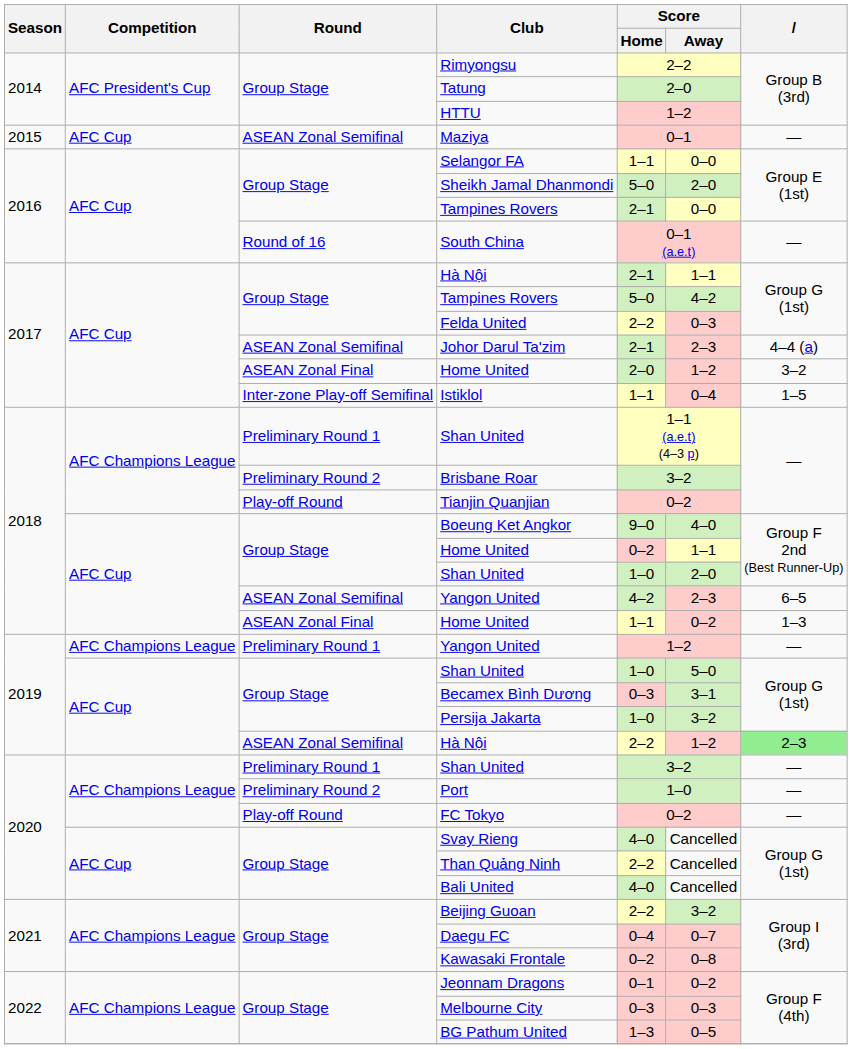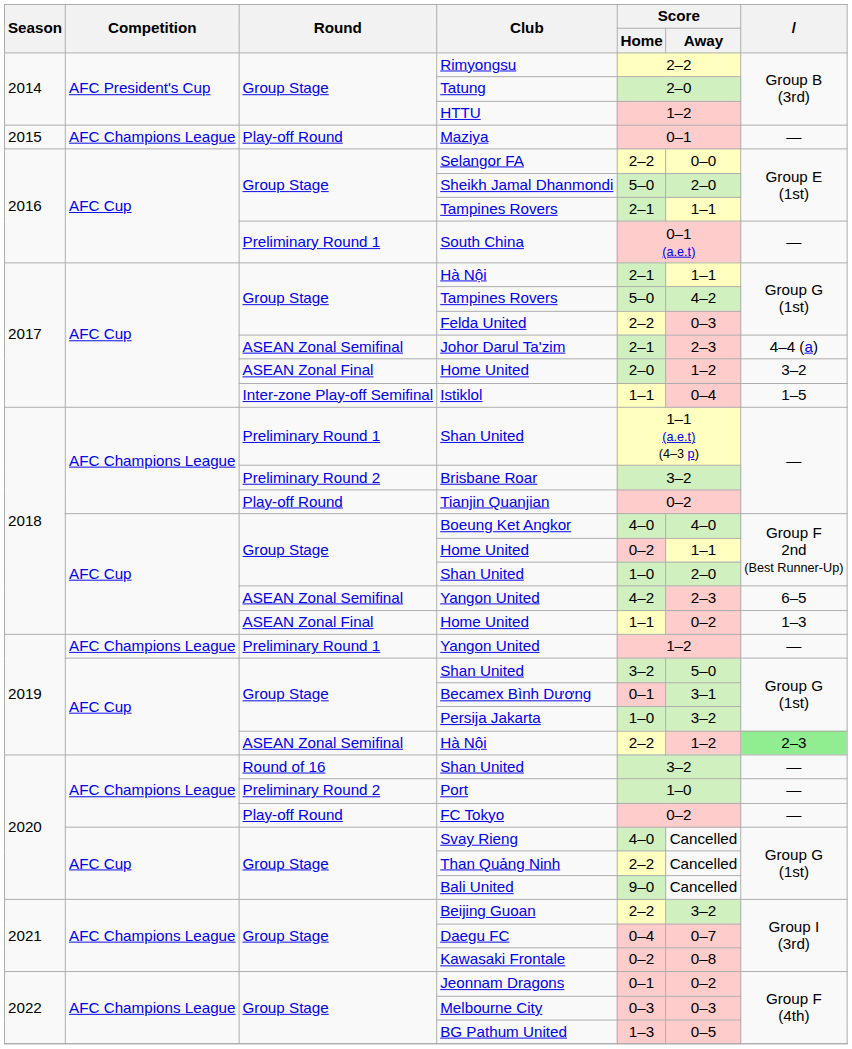 <table class="wikitable">
 <tr>
 <th rowspan=2>Season</th>
 <th rowspan=2>Competition</th>
 <th rowspan=2>Round</th>
 <th rowspan=2>Club</th>
 <th colspan="2">Score</th>
 <th rowspan=2> / </th>
 </tr>
 <tr>
 <th>Home</th>
 <th>Away</th>
 </tr>
 <tr>
 <td rowspan=3>2014</td>
 <td rowspan=3><a href='#'>AFC President's Cup</a></td>
 <td rowspan=3><a href='#'>Group Stage</a></td>
 <td> <a href='#'>Rimyongsu</a></td>
 <td colspan=2; bgcolor=#FFFFBF style="text-align:center;">2–2</td>
 <td rowspan="3" style="text-align:center;">Group B<br>(3rd)</td>
 </tr>
 <tr>
 <td> <a href='#'>Tatung</a></td>
 <td colspan=2; bgcolor=#D0F0C0 style="text-align:center;">2–0</td>
 </tr>
 <tr>
 <td> <a href='#'>HTTU</a></td>
 <td colspan=2; bgcolor=#FFCCCC style="text-align:center;">1–2</td>
 </tr>
 <tr>
 <td rowspan=1>2015</td>
-<td rowspan=1><a href='#'>AFC Cup</a></td>
-<td rowspan=1><a href='#'>ASEAN Zonal Semifinal</a></td>
+<td><a href='#'>AFC Champions League</a></td>
+<td rowspan=1><a href='#'>Play-off Round</a></td>
 <td> <a href='#'>Maziya</a></td>
 <td colspan=2; bgcolor=#FFCCCC style="text-align:center;">0–1</td>
 <td style="text-align:center;">—</td>
 </tr>
 <tr>
 <td rowspan=4>2016</td>
 <td rowspan=4><a href='#'>AFC Cup</a></td>
 <td rowspan=3><a href='#'>Group Stage</a></td>
 <td> <a href='#'>Selangor FA</a></td>
-<td style="text-align:center;" bgcolor=#FFFFBF>1–1</td>
+<td bgcolor=#FFFFBF style="text-align:center;">2–2</td>
 <td bgcolor=#FFFFBF style="text-align:center;">0–0</td>
 <td rowspan=3; style="text-align:center;">Group E<br>(1st)</td>
 </tr>
 <tr>
 <td> <a href='#'>Sheikh Jamal Dhanmondi</a></td>
 <td bgcolor=#D0F0C0 style="text-align:center;">5–0</td>
 <td bgcolor=#D0F0C0 style="text-align:center;">2–0</td>
 </tr>
 <tr>
 <td> <a href='#'>Tampines Rovers</a></td>
 <td bgcolor=#D0F0C0 style="text-align:center;">2–1</td>
-<td bgcolor=#FFFFBF style="text-align:center;">0–0</td>
+<td bgcolor=#FFFFBF style="text-align:center;">1–1</td>
 </tr>
 <tr>
-<td rowspan=1><a href='#'>Round of 16</a></td>
+<td rowspan=1><a href='#'>Preliminary Round 1</a></td>
 <td> <a href='#'>South China</a></td>
 <td colspan=2; bgcolor=#FFCCCC style="text-align:center;">0–1<br><small><a href='#'>(a.e.t)</a></small></td>
 <td colspan=2; style="text-align:center;">—</td>
 </tr>
 <tr>
 <td rowspan=6>2017</td>
 <td rowspan=6><a href='#'>AFC Cup</a></td>
 <td rowspan=3><a href='#'>Group Stage</a></td>
 <td> <a href='#'>Hà Nội</a></td>
 <td bgcolor=#D0F0C0 style="text-align:center;">2–1</td>
 <td bgcolor=#FFFFBF style="text-align:center;">1–1</td>
 <td rowspan=3; style="text-align:center;">Group G<br>(1st)</td>
 </tr>
 <tr>
 <td> <a href='#'>Tampines Rovers</a></td>
 <td bgcolor=#D0F0C0 style="text-align:center;">5–0</td>
 <td bgcolor=#D0F0C0 style="text-align:center;">4–2</td>
 </tr>
 <tr>
 <td> <a href='#'>Felda United</a></td>
 <td bgcolor=#FFFFBF style="text-align:center;">2–2</td>
 <td bgcolor=#FFCCCC style="text-align:center;">0–3</td>
 </tr>
 <tr>
 <td rowspan=1><a href='#'>ASEAN Zonal Semifinal</a></td>
 <td> <a href='#'>Johor Darul Ta'zim</a></td>
 <td bgcolor=#D0F0C0 style="text-align:center;">2–1</td>
 <td bgcolor=#FFCCCC style="text-align:center;">2–3</td>
 <td style="text-align:center;">4–4 (<a href='#'>a</a>)</td>
 </tr>
 <tr>
 <td rowspan=1><a href='#'>ASEAN Zonal Final</a></td>
 <td> <a href='#'>Home United</a></td>
 <td bgcolor=#D0F0C0 style="text-align:center;">2–0</td>
 <td bgcolor=#FFCCCC style="text-align:center;">1–2</td>
 <td style="text-align:center;">3–2</td>
 </tr>
 <tr>
 <td rowspan=1><a href='#'>Inter-zone Play-off Semifinal</a></td>
 <td> <a href='#'>Istiklol</a></td>
 <td bgcolor=#FFFFBF style="text-align:center;">1–1</td>
 <td bgcolor=#FFCCCC style="text-align:center;">0–4</td>
 <td style="text-align:center;">1–5</td>
 </tr>
 <tr>
 <td rowspan="8">2018</td>
 <td rowspan="3"><a href='#'>AFC Champions League</a></td>
 <td rowspan="1"><a href='#'>Preliminary Round 1</a></td>
 <td> <a href='#'>Shan United</a></td>
 <td colspan=2; bgcolor=#FFFFBF style="text-align:center;">1–1<br><small><a href='#'>(a.e.t)</a><br>(4–3 <a href='#'>p</a>)</small></td>
 <td rowspan=3; colspan=2; style="text-align:center;">—</td>
 </tr>
 <tr>
 <td rowspan="1"><a href='#'>Preliminary Round 2</a></td>
 <td> <a href='#'>Brisbane Roar</a></td>
 <td colspan=2; bgcolor=#D0F0C0 style="text-align:center;">3–2</td>
 </tr>
 <tr>
 <td rowspan="1"><a href='#'>Play-off Round</a></td>
 <td> <a href='#'>Tianjin Quanjian</a></td>
 <td colspan=2; bgcolor=#FFCCCC style="text-align:center;">0–2</td>
 </tr>
 <tr>
 <td rowspan=5><a href='#'>AFC Cup</a></td>
 <td rowspan=3><a href='#'>Group Stage</a></td>
 <td> <a href='#'>Boeung Ket Angkor</a></td>
-<td bgcolor=#D0F0C0 style="text-align:center;">9–0</td>
+<td style="text-align:center;" bgcolor=#D0F0C0>4–0</td>
 <td bgcolor=#D0F0C0 style="text-align:center;">4–0</td>
 <td rowspan=3; style="text-align:center;">Group F<br>2nd<br><small>(Best Runner-Up)</small></td>
 </tr>
 <tr>
 <td> <a href='#'>Home United</a></td>
 <td style="text-align:center;" bgcolor=#FFCCCC>0–2</td>
 <td style="text-align:center;" bgcolor=#FFFFBF>1–1</td>
 </tr>
 <tr>
 <td> <a href='#'>Shan United</a></td>
 <td bgcolor=#D0F0C0 style="text-align:center;">1–0</td>
 <td bgcolor=#D0F0C0 style="text-align:center;">2–0</td>
 </tr>
 <tr>
 <td rowspan=1><a href='#'>ASEAN Zonal Semifinal</a></td>
 <td> <a href='#'>Yangon United</a></td>
 <td bgcolor=#D0F0C0 style="text-align:center;">4–2</td>
 <td bgcolor=#FFCCCC style="text-align:center;">2–3</td>
 <td style="text-align:center;">6–5</td>
 </tr>
 <tr>
 <td rowspan=1><a href='#'>ASEAN Zonal Final</a></td>
 <td> <a href='#'>Home United</a></td>
 <td style="text-align:center;" bgcolor=#FFFFBF>1–1</td>
 <td style="text-align:center;" bgcolor=#FFCCCC>0–2</td>
 <td style="text-align:center;">1–3</td>
 </tr>
 <tr>
 <td rowspan="5">2019</td>
 <td><a href='#'>AFC Champions League</a></td>
 <td><a href='#'>Preliminary Round 1</a></td>
 <td> <a href='#'>Yangon United</a></td>
 <td colspan="2" style="text-align:center;" bgcolor=#FFCCCC>1–2</td>
 <td style="text-align:center;">—</td>
 </tr>
 <tr>
 <td rowspan="4"><a href='#'>AFC Cup</a></td>
 <td rowspan="3"><a href='#'>Group Stage</a></td>
 <td> <a href='#'>Shan United</a></td>
-<td style="text-align:center;" bgcolor=#D0F0C0>1–0</td>
+<td style="text-align:center;" bgcolor=#D0F0C0>3–2</td>
 <td style="text-align:center;" bgcolor=#D0F0C0>5–0</td>
 <td rowspan="3" style="text-align:center;">Group G<br>(1st)</td>
 </tr>
 <tr>
 <td> <a href='#'>Becamex Bình Dương</a></td>
-<td style="text-align:center;" bgcolor=#FFCCCC>0–3</td>
+<td style="text-align:center;" bgcolor=#FFCCCC>0–1</td>
 <td style="text-align:center;" bgcolor=#D0F0C0>3–1</td>
 </tr>
 <tr>
 <td> <a href='#'>Persija Jakarta</a></td>
 <td style="text-align:center;" bgcolor=#D0F0C0>1–0</td>
 <td style="text-align:center;" bgcolor=#D0F0C0>3–2</td>
 </tr>
 <tr>
 <td rowspan=1><a href='#'>ASEAN Zonal Semifinal</a></td>
 <td> <a href='#'>Hà Nội</a></td>
 <td style="text-align:center;" bgcolor=#FFFFBF>2–2</td>
 <td style="text-align:center;"bgcolor=#FFCCCC>1–2</td>
 <td style="background: lightgreen; text-align:center;">2–3</td>
 </tr>
 <tr>
 <td rowspan="6">2020</td>
 <td rowspan="3"><a href='#'>AFC Champions League</a></td>
-<td rowspan=1><a href='#'>Preliminary Round 1</a></td>
+<td rowspan=1><a href='#'>Round of 16</a></td>
 <td> <a href='#'>Shan United</a></td>
 <td colspan="2" style="text-align:center;" bgcolor=#D0F0C0>3–2</td>
 <td style="text-align:center;">—</td>
 </tr>
 <tr>
 <td rowspan=1><a href='#'>Preliminary Round 2</a></td>
 <td> <a href='#'>Port</a></td>
 <td colspan="2" style="text-align:center;" bgcolor=#D0F0C0>1–0</td>
 <td style="text-align:center;">—</td>
 </tr>
 <tr>
 <td rowspan=1><a href='#'>Play-off Round</a></td>
 <td> <a href='#'>FC Tokyo</a></td>
 <td colspan="2" style="text-align:center;" bgcolor=#FFCCCC>0–2</td>
 <td style="text-align:center;">—</td>
 </tr>
 <tr>
 <td rowspan="3"><a href='#'>AFC Cup</a></td>
 <td rowspan="3"><a href='#'>Group Stage</a></td>
 <td> <a href='#'>Svay Rieng</a></td>
 <td style="text-align:center;" bgcolor=#D0F0C0>4–0</td>
 <td style="text-align:center;">Cancelled</td>
 <td rowspan="3" style="text-align:center;">Group G<br>(1st)</td>
 </tr>
 <tr>
 <td> <a href='#'>Than Quảng Ninh</a></td>
 <td style="text-align:center;" bgcolor=#FFFFBF>2–2</td>
 <td style="text-align:center;">Cancelled</td>
 </tr>
 <tr>
 <td> <a href='#'>Bali United</a></td>
-<td style="text-align:center;" bgcolor=#D0F0C0>4–0</td>
+<td bgcolor=#D0F0C0 style="text-align:center;">9–0</td>
 <td style="text-align:center;">Cancelled</td>
 </tr>
 <tr>
 <td rowspan="3">2021</td>
 <td rowspan="3"><a href='#'>AFC Champions League</a></td>
 <td rowspan="3"><a href='#'>Group Stage</a></td>
 <td> <a href='#'>Beijing Guoan</a></td>
 <td bgcolor=#FFFFBF style="text-align:center;">2–2</td>
 <td style="text-align:center;" bgcolor=#D0F0C0>3–2</td>
 <td rowspan="3"; style="text-align:center;">Group I<br>(3rd)</td>
 </tr>
 <tr>
 <td> <a href='#'>Daegu FC</a></td>
 <td style="text-align:center;" bgcolor=#FFCCCC>0–4</td>
 <td style="text-align:center;"bgcolor=#FFCCCC>0–7</td>
 </tr>
 <tr>
 <td> <a href='#'>Kawasaki Frontale</a></td>
 <td style="text-align:center;" bgcolor=#FFCCCC>0–2</td>
 <td style="text-align:center;"bgcolor=#FFCCCC>0–8</td>
 </tr>
 <tr>
 <td rowspan="3">2022</td>
 <td rowspan="3"><a href='#'>AFC Champions League</a></td>
 <td rowspan="3"><a href='#'>Group Stage</a></td>
 <td> <a href='#'>Jeonnam Dragons</a></td>
 <td style="text-align:center;" bgcolor=#FFCCCC>0–1</td>
 <td style="text-align:center;" bgcolor=#FFCCCC>0–2</td>
 <td rowspan="3"; style="text-align:center;">Group F<br>(4th)</td>
 </tr>
 <tr>
 <td> <a href='#'>Melbourne City</a></td>
 <td style="text-align:center;" bgcolor=#FFCCCC>0–3</td>
 <td style="text-align:center;" bgcolor=#FFCCCC>0–3</td>
 </tr>
 <tr>
 <td> <a href='#'>BG Pathum United</a></td>
 <td style="text-align:center;" bgcolor=#FFCCCC>1–3</td>
 <td style="text-align:center;" bgcolor=#FFCCCC>0–5</td>
 </tr>
 <tr>
 </tr>
 </table>
